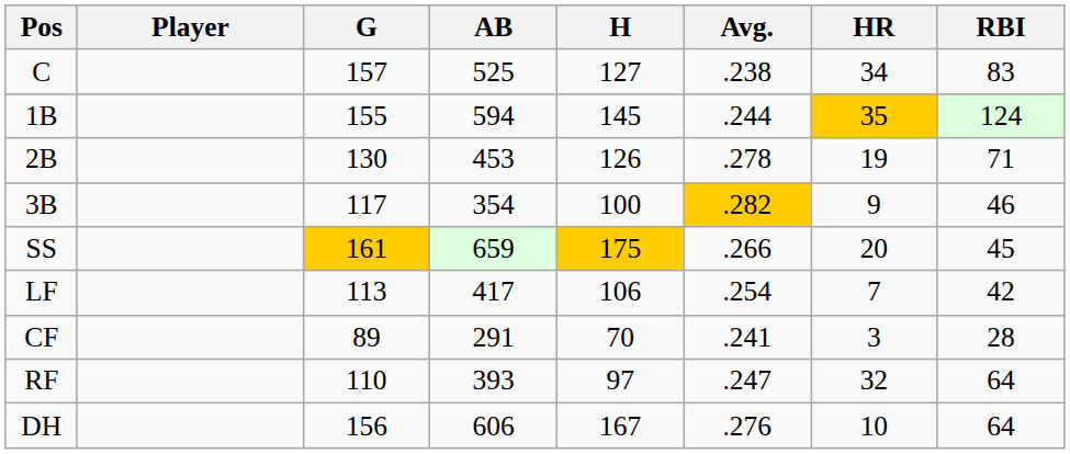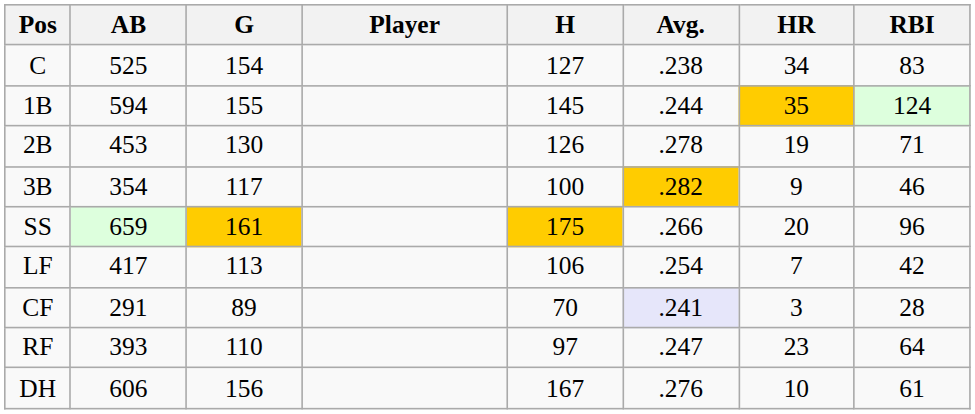 <table class="wikitable sortable">
 <tr>
 <th bgcolor="#DDDDFF" width="5%">Pos</th>
+<th bgcolor="#DDDDFF" width="9%">AB</th>
+<th bgcolor="#DDDDFF" width="9%">G</th>
 <th bgcolor="#DDDDFF" width="16%">Player</th>
-<th bgcolor="#DDDDFF" width="9%">G</th>
-<th bgcolor="#DDDDFF" width="9%">AB</th>
 <th bgcolor="#DDDDFF" width="9%">H</th>
 <th bgcolor="#DDDDFF" width="9%">Avg.</th>
 <th bgcolor="#DDDDFF" width="9%">HR</th>
 <th bgcolor="#DDDDFF" width="9%">RBI</th>
 </tr>
 <tr align="center">
 <td>C</td>
+<td>525</td>
+<td>154</td>
 <td></td>
-<td>157</td>
-<td>525</td>
 <td>127</td>
 <td>.238</td>
 <td>34</td>
 <td>83</td>
 </tr>
 <tr align="center">
 <td>1B</td>
+<td>594</td>
+<td>155</td>
 <td></td>
-<td>155</td>
-<td>594</td>
 <td>145</td>
 <td>.244</td>
 <td style="background:#fc0;">35</td>
 <td style="background:#DDFFDD;">124</td>
 </tr>
 <tr align="center">
 <td>2B</td>
+<td>453</td>
+<td>130</td>
 <td></td>
-<td>130</td>
-<td>453</td>
 <td>126</td>
 <td>.278</td>
 <td>19</td>
 <td>71</td>
 </tr>
 <tr align="center">
 <td>3B</td>
+<td>354</td>
+<td>117</td>
 <td></td>
-<td>117</td>
-<td>354</td>
 <td>100</td>
 <td style="background:#fc0;">.282</td>
 <td>9</td>
 <td>46</td>
 </tr>
 <tr align="center">
 <td>SS</td>
+<td style="background:#DDFFDD;">659</td>
+<td style="background:#fc0;">161</td>
 <td></td>
-<td style="background:#fc0;">161</td>
-<td style="background:#DDFFDD;">659</td>
 <td style="background:#fc0;">175</td>
 <td>.266</td>
 <td>20</td>
-<td>45</td>
+<td>96</td>
 </tr>
 <tr align="center">
 <td>LF</td>
+<td>417</td>
+<td>113</td>
 <td></td>
-<td>113</td>
-<td>417</td>
 <td>106</td>
 <td>.254</td>
 <td>7</td>
 <td>42</td>
 </tr>
 <tr align="center">
 <td>CF</td>
+<td>291</td>
+<td>89</td>
 <td></td>
-<td>89</td>
-<td>291</td>
 <td>70</td>
-<td>.241</td>
+<td style="background: lavender;">.241</td>
 <td>3</td>
 <td>28</td>
 </tr>
 <tr align="center">
 <td>RF</td>
+<td>393</td>
+<td>110</td>
 <td></td>
-<td>110</td>
-<td>393</td>
 <td>97</td>
 <td>.247</td>
-<td>32</td>
+<td>23</td>
 <td>64</td>
 </tr>
 <tr align="center">
 <td>DH</td>
+<td>606</td>
+<td>156</td>
 <td></td>
-<td>156</td>
-<td>606</td>
 <td>167</td>
 <td>.276</td>
 <td>10</td>
-<td>64</td>
+<td>61</td>
 </tr>
 </table>
